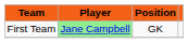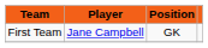 <table class=wikitable style="text-align: center">
 <tr>
 <th style="background:#f36018; color:black;">Team</th>
 <th style="background:#f36018; color:black;">Player</th>
 <th style="background:#f36018; color:black;">Position</th>
 <th style="background:#f36018; color:black;"></th>
 </tr>
 <tr>
 <td>First Team</td>
-<td align=left style="background: lightgreen;"> <a href='#'>Jane Campbell</a></td>
+<td align=left> <a href='#'>Jane Campbell</a></td>
 <td>GK</td>
 <td></td>
 </tr>
 <tr>
 </tr>
 </table>
